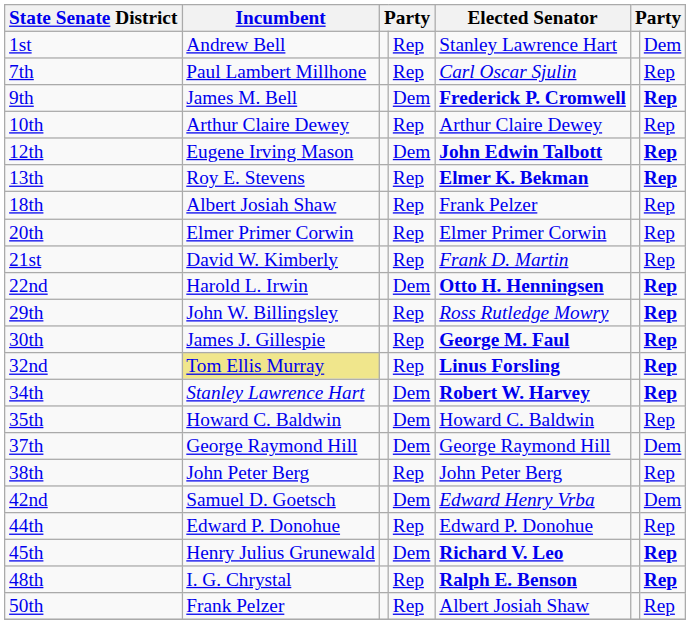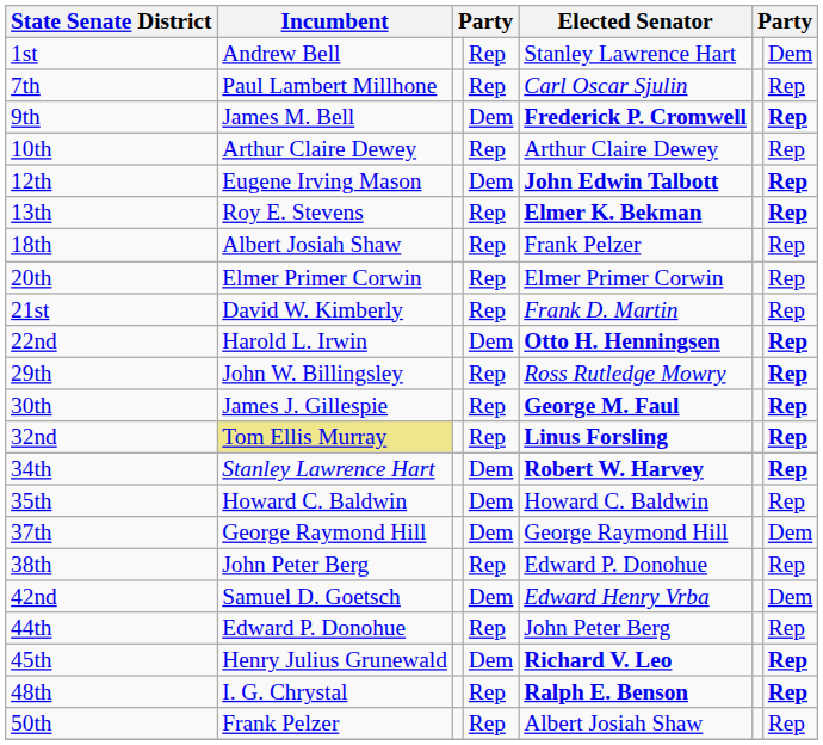 <table class="sortable wikitable" style="font-size:95%;line-height:14px;">
 <tr>
 <th class="unsortable"><a href='#'>State Senate</a> District</th>
 <th class="unsortable"><a href='#'>Incumbent</a></th>
 <th colspan="2">Party</th>
 <th class="unsortable">Elected Senator</th>
 <th colspan="2">Party</th>
 </tr>
 <tr>
 <td><a href='#'>1st</a></td>
 <td><a href='#'>Andrew Bell</a></td>
 <td style="background:"></td>
 <td><a href='#'>Rep</a></td>
 <td><a href='#'>Stanley Lawrence Hart</a></td>
 <td style="background:"></td>
 <td><a href='#'>Dem</a></td>
 </tr>
 <tr>
 <td><a href='#'>7th</a></td>
 <td><a href='#'>Paul Lambert Millhone</a></td>
 <td style="background:"></td>
 <td><a href='#'>Rep</a></td>
 <td><em><a href='#'>Carl Oscar Sjulin</a></em></td>
 <td style="background:"></td>
 <td><a href='#'>Rep</a></td>
 </tr>
 <tr>
 <td><a href='#'>9th</a></td>
 <td><a href='#'>James M. Bell</a></td>
 <td style="background:"></td>
 <td><a href='#'>Dem</a></td>
 <td><strong><a href='#'>Frederick P. Cromwell</a></strong></td>
 <td style="background:"></td>
 <td><strong><a href='#'>Rep</a></strong></td>
 </tr>
 <tr>
 <td><a href='#'>10th</a></td>
 <td><a href='#'>Arthur Claire Dewey</a></td>
 <td style="background:"></td>
 <td><a href='#'>Rep</a></td>
 <td><a href='#'>Arthur Claire Dewey</a></td>
 <td style="background:"></td>
 <td><a href='#'>Rep</a></td>
 </tr>
 <tr>
 <td><a href='#'>12th</a></td>
 <td><a href='#'>Eugene Irving Mason</a></td>
 <td style="background:"></td>
 <td><a href='#'>Dem</a></td>
 <td><strong><a href='#'>John Edwin Talbott</a></strong></td>
 <td style="background:"></td>
 <td><strong><a href='#'>Rep</a></strong></td>
 </tr>
 <tr>
 <td><a href='#'>13th</a></td>
 <td><a href='#'>Roy E. Stevens</a></td>
 <td style="background:"></td>
 <td><a href='#'>Rep</a></td>
 <td><strong><a href='#'>Elmer K. Bekman</a></strong></td>
 <td style="background:"></td>
 <td><strong><a href='#'>Rep</a></strong></td>
 </tr>
 <tr>
 <td><a href='#'>18th</a></td>
 <td><a href='#'>Albert Josiah Shaw</a></td>
 <td style="background:"></td>
 <td><a href='#'>Rep</a></td>
 <td><a href='#'>Frank Pelzer</a></td>
 <td style="background:"></td>
 <td><a href='#'>Rep</a></td>
 </tr>
 <tr>
 <td><a href='#'>20th</a></td>
 <td><a href='#'>Elmer Primer Corwin</a></td>
 <td style="background:"></td>
 <td><a href='#'>Rep</a></td>
 <td><a href='#'>Elmer Primer Corwin</a></td>
 <td style="background:"></td>
 <td><a href='#'>Rep</a></td>
 </tr>
 <tr>
 <td><a href='#'>21st</a></td>
 <td><a href='#'>David W. Kimberly</a></td>
 <td style="background:"></td>
 <td><a href='#'>Rep</a></td>
 <td><em><a href='#'>Frank D. Martin</a></em></td>
 <td style="background:"></td>
 <td><a href='#'>Rep</a></td>
 </tr>
 <tr>
 <td><a href='#'>22nd</a></td>
 <td><a href='#'>Harold L. Irwin</a></td>
 <td style="background:"></td>
 <td><a href='#'>Dem</a></td>
 <td><strong><a href='#'>Otto H. Henningsen</a></strong></td>
 <td style="background:"></td>
 <td><strong><a href='#'>Rep</a></strong></td>
 </tr>
 <tr>
 <td><a href='#'>29th</a></td>
 <td><a href='#'>John W. Billingsley</a></td>
 <td style="background:"></td>
 <td><a href='#'>Rep</a></td>
 <td><em><a href='#'>Ross Rutledge Mowry</a></em></td>
 <td style="background:"></td>
 <td><strong><a href='#'>Rep</a></strong></td>
 </tr>
 <tr>
 <td><a href='#'>30th</a></td>
 <td><a href='#'>James J. Gillespie</a></td>
 <td style="background:"></td>
 <td><a href='#'>Rep</a></td>
 <td><strong><a href='#'>George M. Faul</a></strong></td>
 <td style="background:"></td>
 <td><strong><a href='#'>Rep</a></strong></td>
 </tr>
 <tr>
 <td><a href='#'>32nd</a></td>
 <td style="background: khaki;"><a href='#'>Tom Ellis Murray</a></td>
 <td style="background:"></td>
 <td><a href='#'>Rep</a></td>
 <td><strong><a href='#'>Linus Forsling</a></strong></td>
 <td style="background:"></td>
 <td><strong><a href='#'>Rep</a></strong></td>
 </tr>
 <tr>
 <td><a href='#'>34th</a></td>
 <td><em><a href='#'>Stanley Lawrence Hart</a></em></td>
 <td style="background:"></td>
 <td><a href='#'>Dem</a></td>
 <td><strong><a href='#'>Robert W. Harvey</a></strong></td>
 <td style="background:"></td>
 <td><strong><a href='#'>Rep</a></strong></td>
 </tr>
 <tr>
 <td><a href='#'>35th</a></td>
 <td><a href='#'>Howard C. Baldwin</a></td>
 <td style="background:"></td>
 <td><a href='#'>Dem</a></td>
 <td><a href='#'>Howard C. Baldwin</a></td>
 <td style="background:"></td>
 <td><a href='#'>Rep</a></td>
 </tr>
 <tr>
 <td><a href='#'>37th</a></td>
 <td><a href='#'>George Raymond Hill</a></td>
 <td style="background:"></td>
 <td><a href='#'>Dem</a></td>
 <td><a href='#'>George Raymond Hill</a></td>
 <td style="background:"></td>
 <td><a href='#'>Dem</a></td>
 </tr>
 <tr>
 <td><a href='#'>38th</a></td>
 <td><a href='#'>John Peter Berg</a></td>
 <td style="background:"></td>
 <td><a href='#'>Rep</a></td>
-<td><a href='#'>John Peter Berg</a></td>
+<td><a href='#'>Edward P. Donohue</a></td>
 <td style="background:"></td>
 <td><a href='#'>Rep</a></td>
 </tr>
 <tr>
 <td><a href='#'>42nd</a></td>
 <td><a href='#'>Samuel D. Goetsch</a></td>
 <td style="background:"></td>
 <td><a href='#'>Dem</a></td>
 <td><em><a href='#'>Edward Henry Vrba</a></em></td>
 <td style="background:"></td>
 <td><a href='#'>Dem</a></td>
 </tr>
 <tr>
 <td><a href='#'>44th</a></td>
 <td><a href='#'>Edward P. Donohue</a></td>
 <td style="background:"></td>
 <td><a href='#'>Rep</a></td>
-<td><a href='#'>Edward P. Donohue</a></td>
+<td><a href='#'>John Peter Berg</a></td>
 <td style="background:"></td>
 <td><a href='#'>Rep</a></td>
 </tr>
 <tr>
 <td><a href='#'>45th</a></td>
 <td><a href='#'>Henry Julius Grunewald</a></td>
 <td style="background:"></td>
 <td><a href='#'>Dem</a></td>
 <td><strong><a href='#'>Richard V. Leo</a></strong></td>
 <td style="background:"></td>
 <td><strong><a href='#'>Rep</a></strong></td>
 </tr>
 <tr>
 <td><a href='#'>48th</a></td>
 <td><a href='#'>I. G. Chrystal</a></td>
 <td style="background:"></td>
 <td><a href='#'>Rep</a></td>
 <td><strong><a href='#'>Ralph E. Benson</a></strong></td>
 <td style="background:"></td>
 <td><strong><a href='#'>Rep</a></strong></td>
 </tr>
 <tr>
 <td><a href='#'>50th</a></td>
 <td><a href='#'>Frank Pelzer</a></td>
 <td style="background:"></td>
 <td><a href='#'>Rep</a></td>
 <td><a href='#'>Albert Josiah Shaw</a></td>
 <td style="background:"></td>
 <td><a href='#'>Rep</a></td>
 </tr>
 <tr>
 </tr>
 </table>
